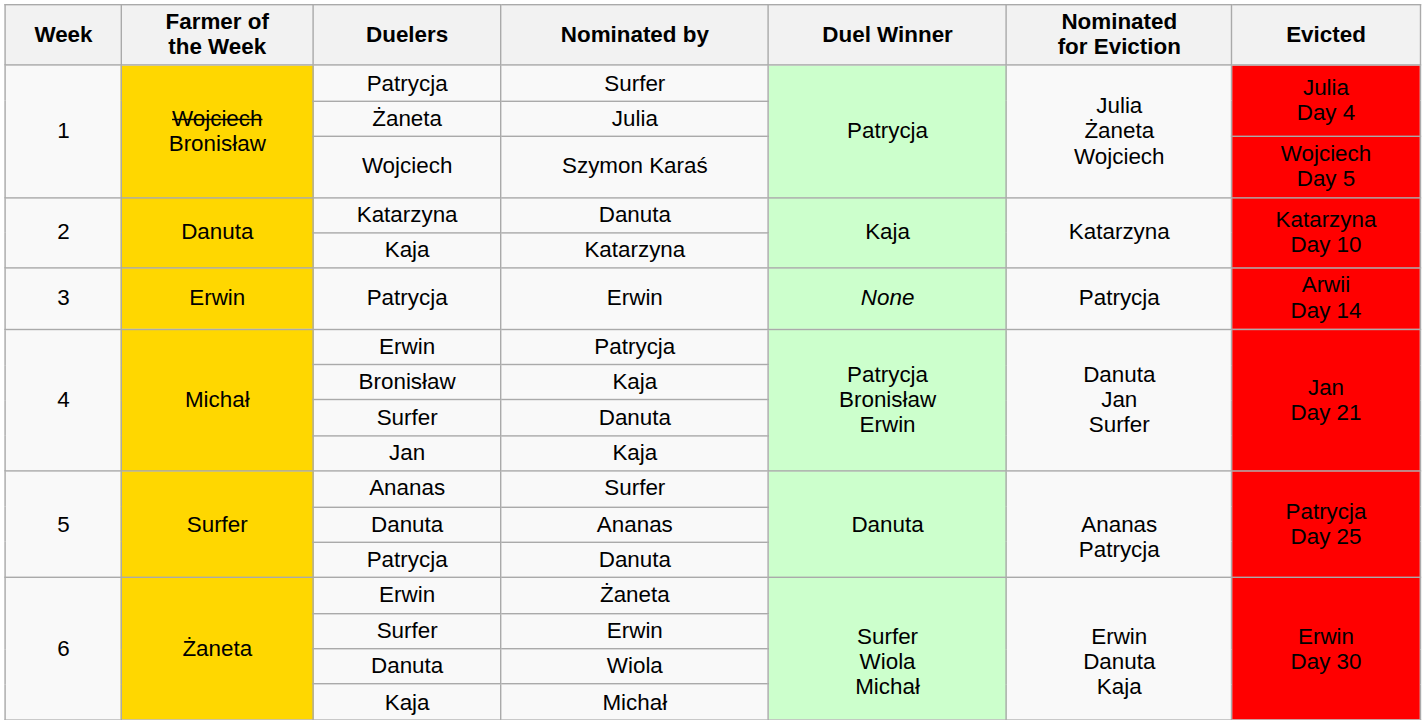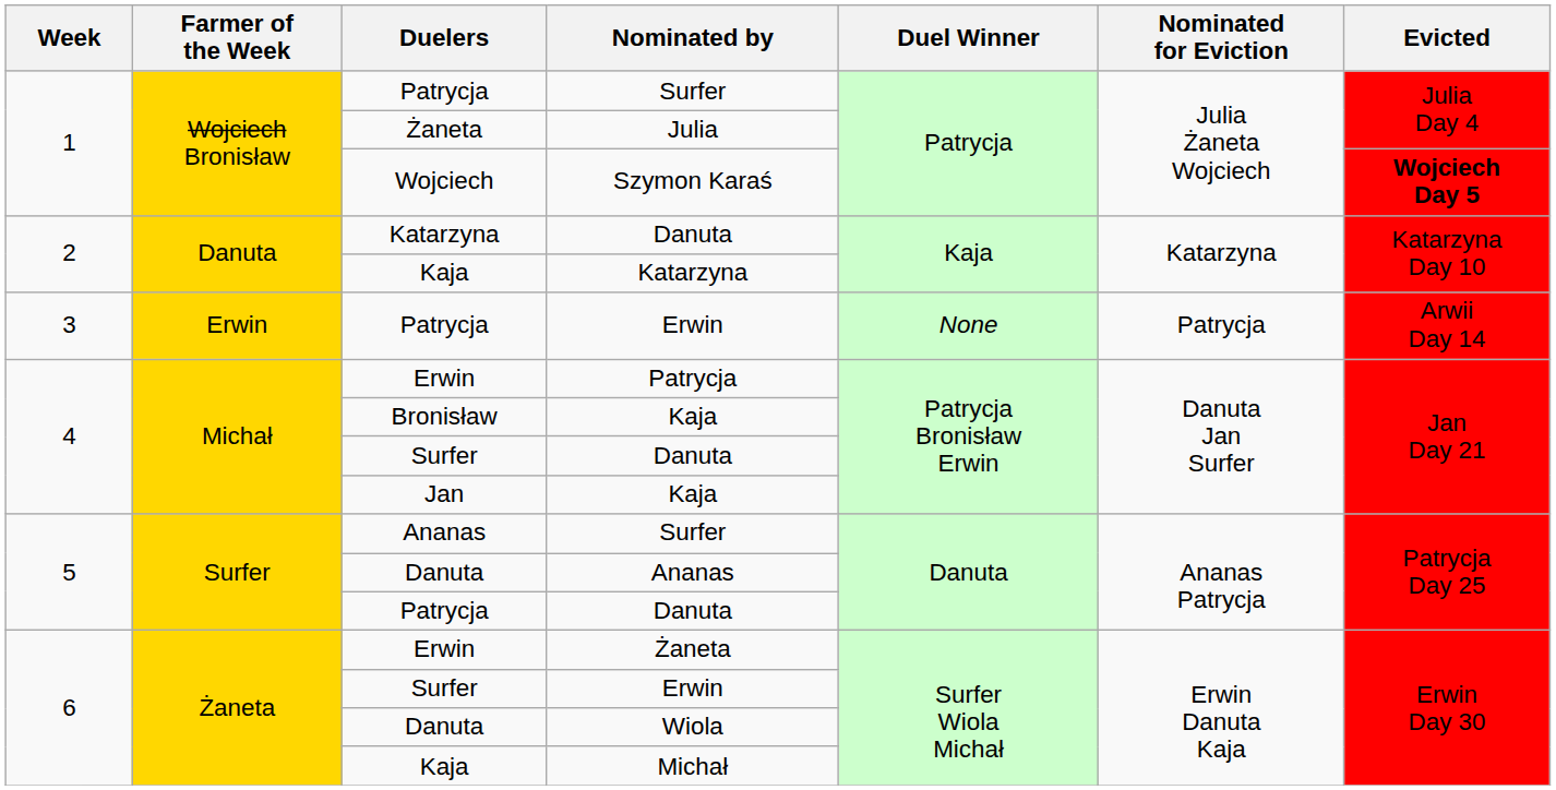 <table class="wikitable" style="font-size:100%; text-align:center; width: 80%; margin-left: auto; margin-right: auto;">
 <tr>
 <th>Week</th>
 <th>Farmer of<br>the Week</th>
 <th>Duelers</th>
 <th>Nominated by</th>
 <th>Duel Winner</th>
 <th>Nominated<br>for Eviction</th>
 <th>Evicted</th>
 </tr>
 <tr>
 <td rowspan="3">1</td>
 <td rowspan="3" style="background:gold;"><s>Wojciech</s><br>Bronisław</td>
 <td>Patrycja</td>
 <td>Surfer</td>
 <td rowspan="3" style="background:#cfc">Patrycja</td>
 <td rowspan="3">Julia<br>Żaneta<br>Wojciech</td>
 <td rowspan="2" style="background:#ff0000">Julia<br>Day 4</td>
 </tr>
 <tr>
 <td>Żaneta</td>
 <td>Julia</td>
 </tr>
 <tr>
 <td rowspan="1">Wojciech</td>
 <td rowspan="1">Szymon Karaś</td>
-<td rowspan="1" style="background:#ff0000">Wojciech<br>Day 5</td>
+<td rowspan="1" style="background:#ff0000"><strong>Wojciech<br>Day 5</strong></td>
 </tr>
 <tr>
 <td rowspan="2">2</td>
 <td rowspan="2" style="background:gold;">Danuta</td>
 <td>Katarzyna</td>
 <td>Danuta</td>
 <td rowspan="2" style="background:#cfc">Kaja</td>
 <td rowspan="2">Katarzyna</td>
 <td rowspan="2" style="background:#ff0000">Katarzyna<br>Day 10</td>
 </tr>
 <tr>
 <td>Kaja</td>
 <td>Katarzyna</td>
 </tr>
 <tr>
 <td>3</td>
 <td style="background:gold;">Erwin</td>
 <td>Patrycja</td>
 <td>Erwin</td>
 <td style="background:#cfc"><em>None</em></td>
 <td>Patrycja</td>
 <td style="background:#ff0000">Arwii<br>Day 14</td>
 </tr>
 <tr>
 <td rowspan="4">4</td>
 <td rowspan="4" style="background:gold; ">Michał</td>
 <td>Erwin</td>
 <td>Patrycja</td>
 <td rowspan="4" style="background:#cfc">Patrycja<br>Bronisław<br>Erwin</td>
 <td rowspan="4">Danuta<br>Jan<br>Surfer</td>
 <td rowspan="4" style="background:#ff0000">Jan<br>Day 21</td>
 </tr>
 <tr>
 <td>Bronisław</td>
 <td>Kaja</td>
 </tr>
 <tr>
 <td>Surfer</td>
 <td>Danuta</td>
 </tr>
 <tr>
 <td>Jan</td>
 <td>Kaja</td>
 </tr>
 <tr>
 <td rowspan="3">5</td>
 <td rowspan="3" style="background:gold;">Surfer</td>
 <td>Ananas</td>
 <td>Surfer</td>
 <td rowspan="3" style="background:#cfc">Danuta</td>
 <td rowspan="3"><br>Ananas<br>Patrycja</td>
 <td rowspan="3" style="background:#ff0000">Patrycja<br>Day 25</td>
 </tr>
 <tr>
 <td>Danuta</td>
 <td>Ananas</td>
 </tr>
 <tr>
 <td>Patrycja</td>
 <td>Danuta</td>
 </tr>
 <tr>
 <td rowspan="4">6</td>
 <td rowspan="4" style="background:gold;">Żaneta</td>
 <td>Erwin</td>
 <td>Żaneta</td>
 <td rowspan="4" style="background:#cfc"><br>Surfer<br>Wiola<br>Michał</td>
 <td rowspan="4"><br>Erwin<br>Danuta<br>Kaja</td>
 <td rowspan="4" style="background:#ff0000">Erwin<br>Day 30</td>
 </tr>
 <tr>
 <td>Surfer</td>
 <td>Erwin</td>
 </tr>
 <tr>
 <td>Danuta</td>
 <td>Wiola</td>
 </tr>
 <tr>
 <td>Kaja</td>
 <td>Michał</td>
 </tr>
 </table>
